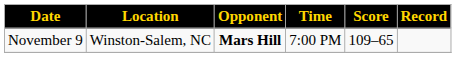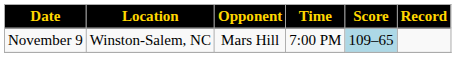 <table class="wikitable" style="text-align:center">
 <tr>
 <th style=" background:black;color:gold;">Date</th>
 <th style=" background:black;color:gold;">Location</th>
 <th style=" background:black;color:gold;">Opponent</th>
 <th style=" background:black;color:gold;">Time</th>
 <th style=" background:black;color:gold;">Score</th>
 <th style=" background:black;color:gold;">Record</th>
 </tr>
 <tr>
 <td>November 9</td>
 <td>Winston-Salem, NC</td>
-<td><strong>Mars Hill</strong></td>
+<td>Mars Hill</td>
 <td>7:00 PM</td>
-<td>109–65</td>
+<td style="background: lightblue;">109–65</td>
 <td></td>
 </tr>
 <tr>
 </tr>
 </table>
